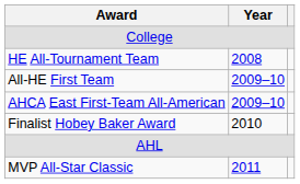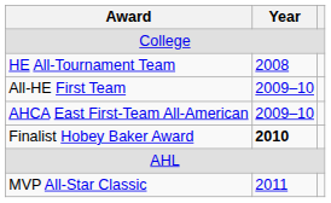 <table class="wikitable">
 <tr>
 <th>Award</th>
 <th>Year</th>
 <th></th>
 </tr>
 <tr ALIGN="center" bgcolor="#e0e0e0">
 <td colspan="3"><a href='#'>College</a></td>
 </tr>
 <tr>
 <td><a href='#'>HE</a> <a href='#'>All-Tournament Team</a></td>
 <td><a href='#'>2008</a></td>
 <td></td>
 </tr>
 <tr>
 <td>All-HE <a href='#'>First Team</a></td>
 <td><a href='#'>2009–10</a></td>
 <td></td>
 </tr>
 <tr>
 <td><a href='#'>AHCA</a> <a href='#'>East First-Team All-American</a></td>
 <td><a href='#'>2009–10</a></td>
 <td></td>
 </tr>
 <tr>
 <td>Finalist <a href='#'>Hobey Baker Award</a></td>
-<td>2010</td>
+<td><strong>2010</strong></td>
 <td></td>
 </tr>
 <tr ALIGN="center" bgcolor="#e0e0e0">
 <td colspan="3"><a href='#'>AHL</a></td>
 </tr>
 <tr>
 <td>MVP <a href='#'>All-Star Classic</a></td>
 <td><a href='#'>2011</a></td>
 <td></td>
 </tr>
 </table>
